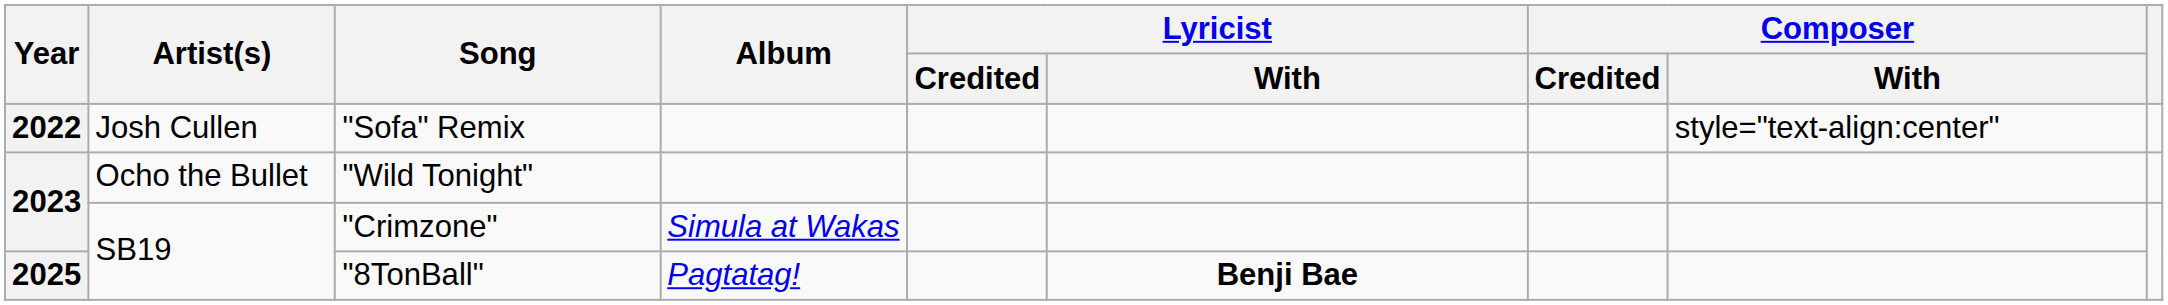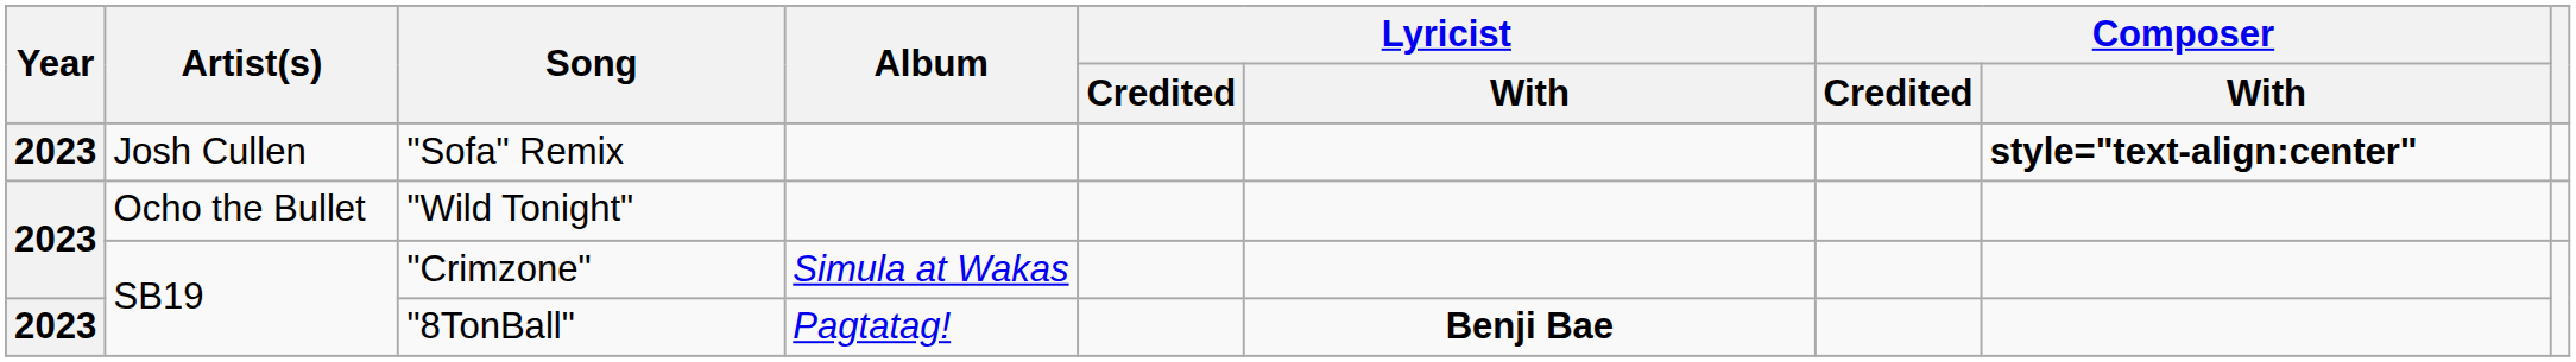 <table class="wikitable sortable plainrowheaders">
 <tr>
 <th rowspan="2">Year</th>
 <th rowspan="2" style="width:7.5em;">Artist(s)</th>
 <th rowspan="2" style="width:10em;">Song</th>
 <th rowspan="2" style="width:7.5em;">Album</th>
 <th colspan="2"><a href='#'>Lyricist</a></th>
 <th colspan="2"><a href='#'>Composer</a></th>
 <th rowspan="2" scope="col" class="unsortable"></th>
 </tr>
 <tr>
 <th>Credited</th>
 <th style="width:15em;">With</th>
 <th>Credited</th>
 <th style="width:15em;">With</th>
 </tr>
 <tr>
-<th scope="row">2022</th>
+<th scope="row">2023</th>
 <td>Josh Cullen</td>
 <td>"Sofa" Remix</td>
 <td></td>
 <td></td>
 <td style="text-align:center"></td>
 <td></td>
-<td>style="text-align:center" </td>
+<td><strong>style="text-align:center" </strong></td>
 <td></td>
 </tr>
 <tr>
 <th scope="row" rowspan="2">2023</th>
 <td>Ocho the Bullet</td>
 <td>"Wild Tonight"</td>
 <td></td>
 <td></td>
 <td></td>
 <td></td>
 <td style="text-align:center"></td>
 <td></td>
 </tr>
 <tr>
 <td rowspan="2">SB19</td>
 <td>"Crimzone"</td>
 <td><em><a href='#'>Simula at Wakas</a></em></td>
 <td></td>
 <td></td>
 <td></td>
 <td style="text-align:center"></td>
 </tr>
 <tr>
-<th scope="row">2025</th>
+<th scope="row">2023</th>
 <td>"8TonBall"</td>
 <td><em><a href='#'>Pagtatag!</a></em></td>
 <td></td>
 <td style="text-align:center"><strong>Benji Bae</strong></td>
 <td></td>
 <td></td>
 </tr>
 </table>
